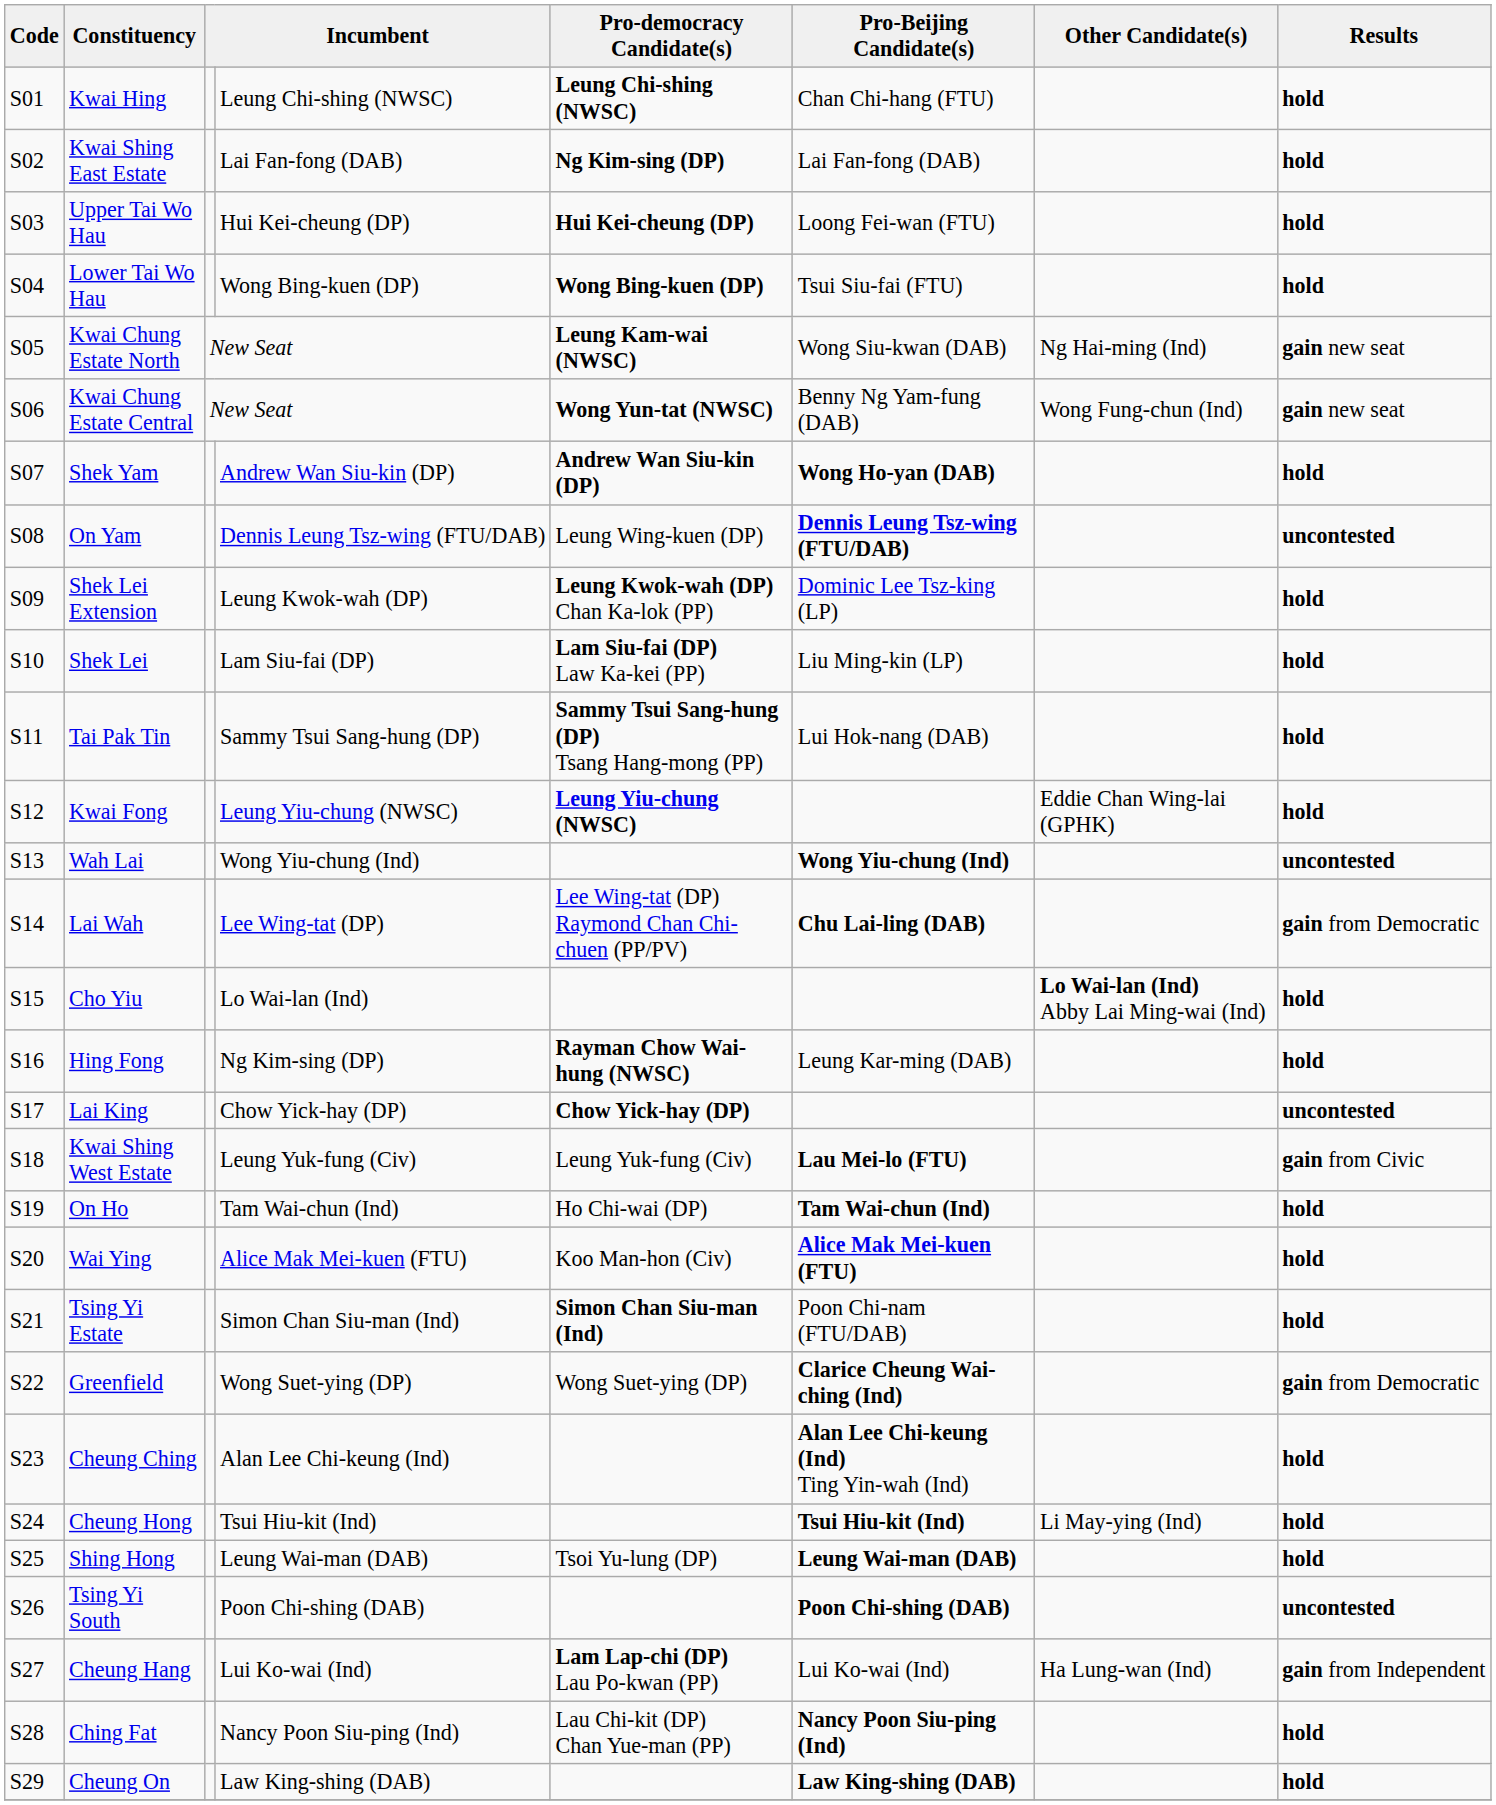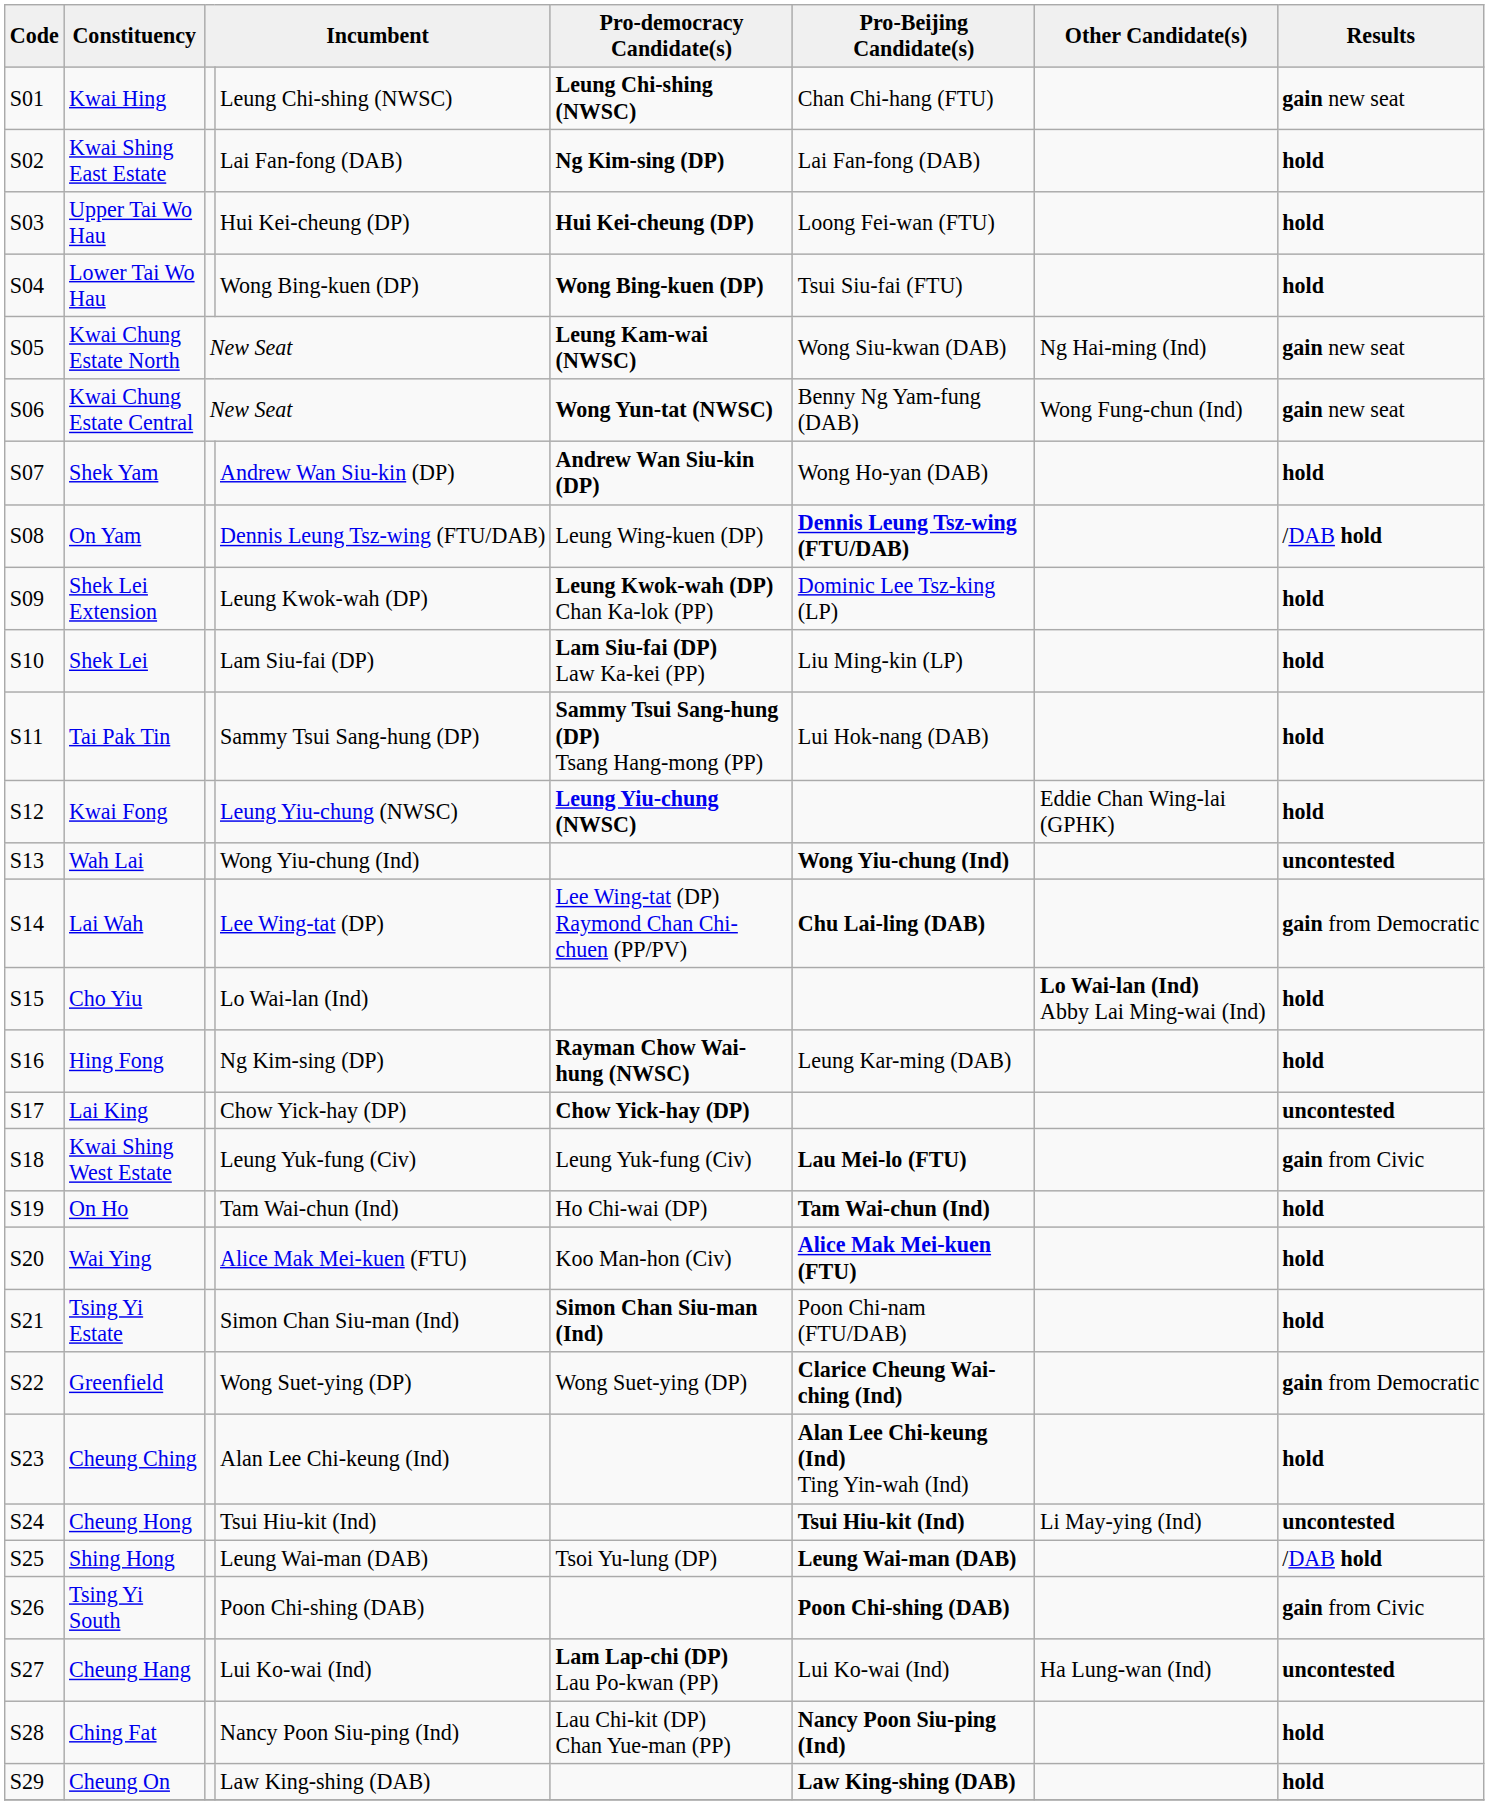 <table class="wikitable" style="font-size: 95%;">
 <tr>
 <th align="center" style="background:#f0f0f0;" width="20px">Code</th>
 <th align="center" style="background:#f0f0f0;" width="90px">Constituency</th>
 <th align="center" style="background:#f0f0f0;" width="120px" colspan=2>Incumbent</th>
 <th align="center" style="background:#f0f0f0;" width="160px">Pro-democracy Candidate(s)</th>
 <th align="center" style="background:#f0f0f0;" width="160px">Pro-Beijing Candidate(s)</th>
 <th align="center" style="background:#f0f0f0;" width="160px">Other Candidate(s)</th>
 <th align="center" style="background:#f0f0f0;" width="100px" colspan="2">Results</th>
 </tr>
 <tr>
 <td>S01</td>
 <td><a href='#'>Kwai Hing</a></td>
 <td></td>
 <td>Leung Chi-shing (NWSC)</td>
 <td><strong>Leung Chi-shing (NWSC)</strong></td>
 <td>Chan Chi-hang (FTU)</td>
 <td></td>
-<td> <strong>hold</strong></td>
+<td> <strong>gain</strong> new seat</td>
 </tr>
 <tr>
 <td>S02</td>
 <td><a href='#'>Kwai Shing East Estate</a></td>
 <td></td>
 <td>Lai Fan-fong (DAB)</td>
 <td><strong> Ng Kim-sing (DP)</strong></td>
 <td>Lai Fan-fong (DAB)</td>
 <td></td>
 <td> <strong>hold</strong></td>
 </tr>
 <tr>
 <td>S03</td>
 <td><a href='#'>Upper Tai Wo Hau</a></td>
 <td></td>
 <td>Hui Kei-cheung (DP)</td>
 <td><strong>Hui Kei-cheung (DP)</strong></td>
 <td>Loong Fei-wan (FTU)</td>
 <td></td>
 <td> <strong>hold</strong></td>
 </tr>
 <tr>
 <td>S04</td>
 <td><a href='#'>Lower Tai Wo Hau</a></td>
 <td></td>
 <td>Wong Bing-kuen (DP)</td>
 <td><strong>Wong Bing-kuen (DP)</strong></td>
 <td>Tsui Siu-fai (FTU)</td>
 <td></td>
 <td> <strong>hold</strong></td>
 </tr>
 <tr>
 <td>S05</td>
 <td><a href='#'>Kwai Chung Estate North</a></td>
 <td colspan=2><em>New Seat</em></td>
 <td><strong> Leung Kam-wai (NWSC)</strong></td>
 <td>Wong Siu-kwan (DAB)</td>
 <td>Ng Hai-ming (Ind)</td>
 <td> <strong>gain</strong> new seat</td>
 </tr>
 <tr>
 <td>S06</td>
 <td><a href='#'>Kwai Chung Estate Central</a></td>
 <td colspan=2><em>New Seat</em></td>
 <td><strong>Wong Yun-tat (NWSC)</strong></td>
 <td>Benny Ng Yam-fung (DAB)</td>
 <td>Wong Fung-chun (Ind)</td>
 <td> <strong>gain</strong> new seat</td>
 </tr>
 <tr>
 <td>S07</td>
 <td><a href='#'>Shek Yam</a></td>
 <td></td>
 <td><a href='#'>Andrew Wan Siu-kin</a> (DP)</td>
 <td><strong>Andrew Wan Siu-kin (DP)</strong></td>
-<td><strong>Wong Ho-yan (DAB)</strong></td>
+<td>Wong Ho-yan (DAB)</td>
 <td></td>
 <td> <strong>hold</strong></td>
 </tr>
 <tr>
 <td>S08</td>
 <td><a href='#'>On Yam</a></td>
 <td></td>
 <td><a href='#'>Dennis Leung Tsz-wing</a> (FTU/DAB)</td>
 <td>Leung Wing-kuen (DP)</td>
 <td><strong> <a href='#'>Dennis Leung Tsz-wing</a> (FTU/DAB)</strong></td>
 <td></td>
-<td> <strong>uncontested</strong></td>
+<td>/<a href='#'>DAB</a> <strong>hold</strong></td>
 </tr>
 <tr>
 <td>S09</td>
 <td><a href='#'>Shek Lei Extension</a></td>
 <td></td>
 <td>Leung Kwok-wah (DP)</td>
 <td><strong>Leung Kwok-wah (DP)</strong><br>Chan Ka-lok (PP)</td>
 <td><a href='#'>Dominic Lee Tsz-king</a> (LP)</td>
 <td></td>
 <td> <strong>hold</strong></td>
 </tr>
 <tr>
 <td>S10</td>
 <td><a href='#'>Shek Lei</a></td>
 <td></td>
 <td>Lam Siu-fai (DP)</td>
 <td><strong>Lam Siu-fai (DP)</strong><br>Law Ka-kei (PP)</td>
 <td>Liu Ming-kin (LP)</td>
 <td></td>
 <td> <strong>hold</strong></td>
 </tr>
 <tr>
 <td>S11</td>
 <td><a href='#'>Tai Pak Tin</a></td>
 <td></td>
 <td>Sammy Tsui Sang-hung (DP)</td>
 <td><strong>Sammy Tsui Sang-hung (DP)</strong><br>Tsang Hang-mong (PP)</td>
 <td>Lui Hok-nang (DAB)</td>
 <td></td>
 <td> <strong>hold</strong></td>
 </tr>
 <tr>
 <td>S12</td>
 <td><a href='#'>Kwai Fong</a></td>
 <td></td>
 <td><a href='#'>Leung Yiu-chung</a> (NWSC)</td>
 <td><strong><a href='#'>Leung Yiu-chung</a> (NWSC)</strong></td>
 <td></td>
 <td>Eddie Chan Wing-lai (GPHK)</td>
 <td> <strong>hold</strong></td>
 </tr>
 <tr>
 <td>S13</td>
 <td><a href='#'>Wah Lai</a></td>
 <td></td>
 <td>Wong Yiu-chung (Ind)</td>
 <td></td>
 <td><strong>Wong Yiu-chung (Ind)</strong></td>
 <td></td>
 <td> <strong>uncontested</strong></td>
 </tr>
 <tr>
 <td>S14</td>
 <td><a href='#'>Lai Wah</a></td>
 <td></td>
 <td><a href='#'>Lee Wing-tat</a> (DP)</td>
 <td><a href='#'>Lee Wing-tat</a> (DP)<br><a href='#'>Raymond Chan Chi-chuen</a> (PP/PV)</td>
 <td><strong>Chu Lai-ling (DAB)</strong></td>
 <td></td>
 <td> <strong>gain</strong> from Democratic</td>
 </tr>
 <tr>
 <td>S15</td>
 <td><a href='#'>Cho Yiu</a></td>
 <td></td>
 <td>Lo Wai-lan (Ind)</td>
 <td></td>
 <td></td>
 <td><strong> Lo Wai-lan (Ind) </strong> <br>Abby Lai Ming-wai (Ind)</td>
 <td> <strong>hold</strong></td>
 </tr>
 <tr>
 <td>S16</td>
 <td><a href='#'>Hing Fong</a></td>
 <td></td>
 <td>Ng Kim-sing (DP)</td>
 <td><strong>Rayman Chow Wai-hung (NWSC)</strong></td>
 <td>Leung Kar-ming (DAB)</td>
 <td></td>
 <td> <strong>hold</strong></td>
 </tr>
 <tr>
 <td>S17</td>
 <td><a href='#'>Lai King</a></td>
 <td></td>
 <td>Chow Yick-hay (DP)</td>
 <td><strong>Chow Yick-hay (DP)</strong></td>
 <td></td>
 <td></td>
 <td> <strong>uncontested</strong></td>
 </tr>
 <tr>
 <td>S18</td>
 <td><a href='#'>Kwai Shing West Estate</a></td>
 <td></td>
 <td>Leung Yuk-fung (Civ)</td>
 <td>Leung Yuk-fung (Civ)</td>
 <td><strong>Lau Mei-lo (FTU)</strong></td>
 <td></td>
 <td> <strong>gain</strong> from Civic</td>
 </tr>
 <tr>
 <td>S19</td>
 <td><a href='#'>On Ho</a></td>
 <td></td>
 <td>Tam Wai-chun (Ind)</td>
 <td>Ho Chi-wai (DP)</td>
 <td><strong> Tam Wai-chun (Ind)</strong></td>
 <td></td>
 <td> <strong>hold</strong></td>
 </tr>
 <tr>
 <td>S20</td>
 <td><a href='#'>Wai Ying</a></td>
 <td></td>
 <td><a href='#'>Alice Mak Mei-kuen</a> (FTU)</td>
 <td>Koo Man-hon (Civ)</td>
 <td><strong><a href='#'>Alice Mak Mei-kuen</a> (FTU)</strong></td>
 <td></td>
 <td> <strong>hold</strong></td>
 </tr>
 <tr>
 <td>S21</td>
 <td><a href='#'>Tsing Yi Estate</a></td>
 <td></td>
 <td>Simon Chan Siu-man (Ind)</td>
 <td><strong>Simon Chan Siu-man (Ind)</strong></td>
 <td>Poon Chi-nam (FTU/DAB)</td>
 <td></td>
 <td> <strong>hold</strong></td>
 </tr>
 <tr>
 <td>S22</td>
 <td><a href='#'>Greenfield</a></td>
 <td></td>
 <td>Wong Suet-ying (DP)</td>
 <td>Wong Suet-ying (DP)</td>
 <td><strong>Clarice Cheung Wai-ching (Ind)</strong></td>
 <td></td>
 <td> <strong>gain</strong> from Democratic</td>
 </tr>
 <tr>
 <td>S23</td>
 <td><a href='#'>Cheung Ching</a></td>
 <td></td>
 <td>Alan Lee Chi-keung (Ind)</td>
 <td></td>
 <td><strong> Alan Lee Chi-keung (Ind) </strong><br> Ting Yin-wah (Ind)</td>
 <td></td>
 <td> <strong>hold</strong></td>
 </tr>
 <tr>
 <td>S24</td>
 <td><a href='#'>Cheung Hong</a></td>
 <td></td>
 <td>Tsui Hiu-kit (Ind)</td>
 <td></td>
 <td><strong>Tsui Hiu-kit (Ind)</strong></td>
 <td>Li May-ying (Ind)</td>
-<td> <strong>hold</strong></td>
+<td> <strong>uncontested</strong></td>
 </tr>
 <tr>
 <td>S25</td>
 <td><a href='#'>Shing Hong</a></td>
 <td></td>
 <td>Leung Wai-man (DAB)</td>
 <td>Tsoi Yu-lung (DP)</td>
 <td><strong>Leung Wai-man (DAB)</strong></td>
 <td></td>
-<td> <strong>hold</strong></td>
+<td>/<a href='#'>DAB</a> <strong>hold</strong></td>
 </tr>
 <tr>
 <td>S26</td>
 <td><a href='#'>Tsing Yi South</a></td>
 <td></td>
 <td>Poon Chi-shing (DAB)</td>
 <td></td>
 <td><strong> Poon Chi-shing (DAB)</strong></td>
 <td></td>
-<td> <strong>uncontested</strong></td>
+<td> <strong>gain</strong> from Civic</td>
 </tr>
 <tr>
 <td>S27</td>
 <td><a href='#'>Cheung Hang</a></td>
 <td></td>
 <td>Lui Ko-wai (Ind)</td>
 <td><strong>Lam Lap-chi (DP)</strong><br>Lau Po-kwan (PP)</td>
 <td>Lui Ko-wai (Ind)</td>
 <td>Ha Lung-wan (Ind)</td>
-<td> <strong>gain</strong> from Independent</td>
+<td> <strong>uncontested</strong></td>
 </tr>
 <tr>
 <td>S28</td>
 <td><a href='#'>Ching Fat</a></td>
 <td></td>
 <td>Nancy Poon Siu-ping (Ind)</td>
 <td>Lau Chi-kit (DP) <br>Chan Yue-man (PP)</td>
 <td><strong>Nancy Poon Siu-ping (Ind)</strong></td>
 <td></td>
 <td> <strong>hold</strong></td>
 </tr>
 <tr>
 <td>S29</td>
 <td><a href='#'>Cheung On</a></td>
 <td></td>
 <td>Law King-shing (DAB)</td>
 <td></td>
 <td><strong>Law King-shing (DAB)</strong></td>
 <td></td>
 <td> <strong>hold</strong></td>
 </tr>
 <tr>
 </tr>
 </table>
